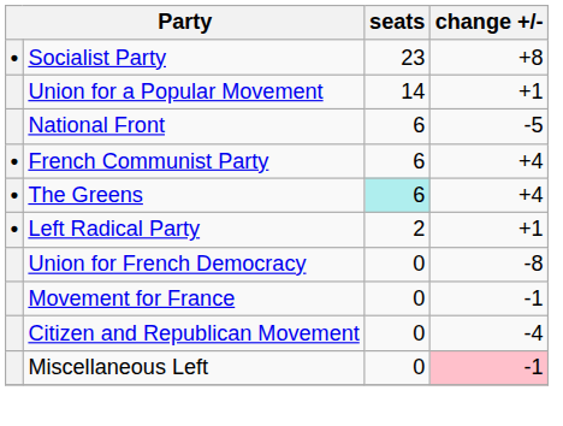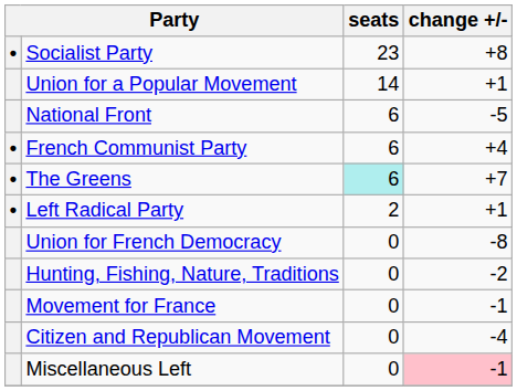 <table class="wikitable">
 <tr>
 <th colspan=2>Party</th>
 <th>seats</th>
 <th>change +/-</th>
 </tr>
 <tr>
 <th style="background-color: "><span>•</span></th>
 <td><a href='#'>Socialist Party</a></td>
 <td align="right">23</td>
 <td align="right">+8</td>
 </tr>
 <tr>
 <th style="background-color: "></th>
 <td><a href='#'>Union for a Popular Movement</a></td>
 <td align="right">14</td>
 <td align="right">+1</td>
 </tr>
 <tr>
 <th style="background-color: "></th>
 <td><a href='#'>National Front</a></td>
 <td align="right">6</td>
 <td align="right">-5</td>
 </tr>
 <tr>
 <th style="background-color: "><span>•</span></th>
 <td><a href='#'>French Communist Party</a></td>
 <td align="right">6</td>
 <td align="right">+4</td>
 </tr>
 <tr>
 <th style="background-color: "><span>•</span></th>
 <td><a href='#'>The Greens</a></td>
 <td align="right" style="background: paleturquoise;">6</td>
-<td align="right">+4</td>
+<td align="right">+7</td>
 </tr>
 <tr>
 <th style="background-color: "><span>•</span></th>
 <td><a href='#'>Left Radical Party</a></td>
 <td align="right">2</td>
 <td align="right">+1</td>
 </tr>
 <tr>
 <th style="background-color: "></th>
 <td><a href='#'>Union for French Democracy</a></td>
 <td align="right">0</td>
 <td align="right">-8</td>
+</tr>
+<tr>
+<th style="background-color: "></th>
+<td><a href='#'>Hunting, Fishing, Nature, Traditions</a></td>
+<td align="right">0</td>
+<td align="right">-2</td>
 </tr>
 <tr>
 <th style="background-color: "></th>
 <td><a href='#'>Movement for France</a></td>
 <td align="right">0</td>
 <td align="right">-1</td>
 </tr>
 <tr>
 <th style="background-color: "></th>
 <td><a href='#'>Citizen and Republican Movement</a></td>
 <td align="right">0</td>
 <td align="right">-4</td>
 </tr>
 <tr>
 <th style="background-color: "></th>
 <td>Miscellaneous Left</td>
 <td align="right">0</td>
 <td align="right" style="background: pink;">-1</td>
 </tr>
 <tr>
 </tr>
 </table>
